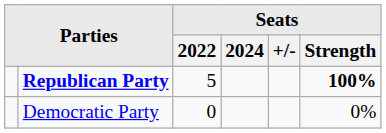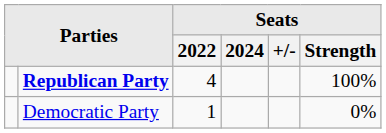 <table class=wikitable>
 <tr>
 <th style="background-color:#E9E9E9" align=center rowspan=2 colspan=2>Parties</th>
 <th style="background-color:#E9E9E9" align=center colspan=5>Seats</th>
 </tr>
 <tr bgcolor=#E9E9E9>
 <th>2022</th>
 <th>2024</th>
 <th>+/-</th>
 <th>Strength</th>
 </tr>
 <tr>
 <td style="background-color:"> </td>
 <td><strong><a href='#'>Republican Party</a></strong></td>
-<td align=right>5</td>
+<td align=right>4</td>
 <td align=right></td>
 <td align=right></td>
-<td align=right><strong>100%</strong></td>
+<td align=right>100%</td>
 </tr>
 <tr>
 <td style="background-color:"> </td>
 <td><a href='#'>Democratic Party</a></td>
-<td align=right>0</td>
+<td align=right>1</td>
 <td align=right></td>
 <td align=right></td>
 <td align=right>0%</td>
 </tr>
 </table>
